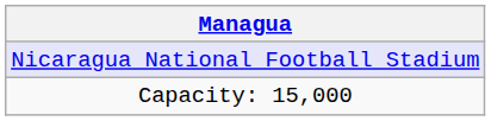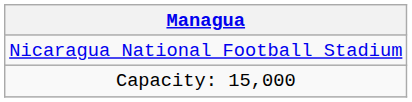 <table class="wikitable">
 <tr>
 <th><a href='#'>Managua</a></th>
 </tr>
 <tr align=center>
-<td style="background: lavender;"><a href='#'>Nicaragua National Football Stadium</a></td>
+<td><a href='#'>Nicaragua National Football Stadium</a></td>
 </tr>
 <tr align=center>
 <td>Capacity: 15,000</td>
 </tr>
 </table>
